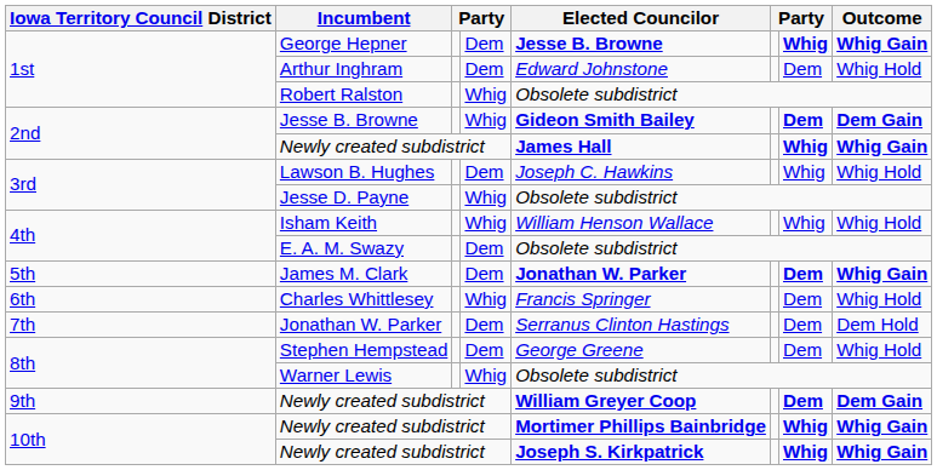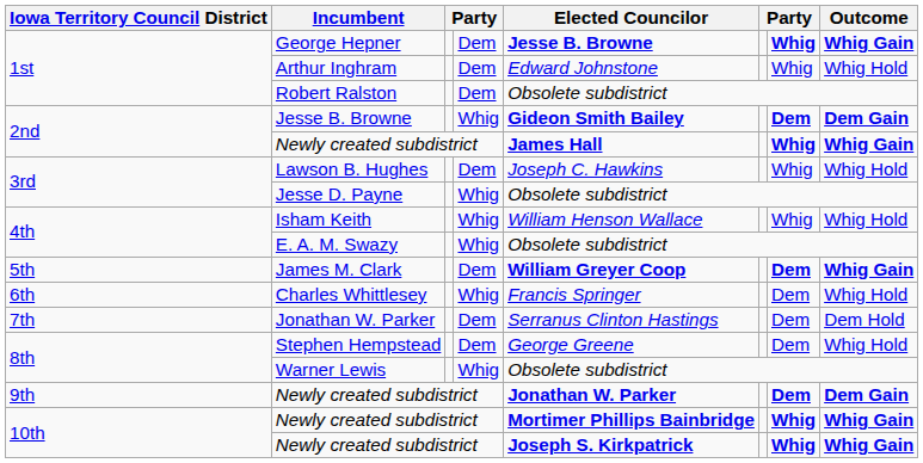 <table class="sortable wikitable" style="font-size:95%;line-height:14px;">
 <tr>
 <th class="sortable"><a href='#'>Iowa Territory Council</a> District</th>
 <th class="sortable"><a href='#'>Incumbent</a></th>
 <th colspan="2">Party</th>
 <th class="sortable">Elected Councilor</th>
 <th colspan="2">Party</th>
 <th class="sortable">Outcome</th>
 </tr>
 <tr>
 <td rowspan="3"><a href='#'>1st</a></td>
 <td><a href='#'>George Hepner</a></td>
 <td style="background:"></td>
 <td><a href='#'>Dem</a></td>
 <td><strong><a href='#'>Jesse B. Browne</a></strong></td>
 <td style="background:"></td>
 <td><strong><a href='#'>Whig</a></strong></td>
 <td><strong><a href='#'>Whig Gain</a></strong></td>
 </tr>
 <tr>
 <td><a href='#'>Arthur Inghram</a></td>
 <td style="background:"></td>
 <td><a href='#'>Dem</a></td>
 <td><em><a href='#'>Edward Johnstone</a></em></td>
 <td style="background:"></td>
-<td><a href='#'>Dem</a></td>
+<td><a href='#'>Whig</a></td>
 <td><a href='#'>Whig Hold</a></td>
 </tr>
 <tr>
 <td><a href='#'>Robert Ralston</a></td>
 <td style="background:"></td>
-<td><a href='#'>Whig</a></td>
+<td><a href='#'>Dem</a></td>
 <td colspan="4" ><em>Obsolete subdistrict</em></td>
 </tr>
 <tr>
 <td rowspan="2"><a href='#'>2nd</a></td>
 <td><a href='#'>Jesse B. Browne</a></td>
 <td style="background:"></td>
 <td><a href='#'>Whig</a></td>
 <td><strong><a href='#'>Gideon Smith Bailey</a></strong></td>
 <td style="background:"></td>
 <td><strong><a href='#'>Dem</a></strong></td>
 <td><strong><a href='#'>Dem Gain</a></strong></td>
 </tr>
 <tr>
 <td colspan="3" ><em>Newly created subdistrict</em></td>
 <td><strong><a href='#'>James Hall</a></strong></td>
 <td style="background:"></td>
 <td><strong><a href='#'>Whig</a></strong></td>
 <td><strong><a href='#'>Whig Gain</a></strong></td>
 </tr>
 <tr>
 <td rowspan="2"><a href='#'>3rd</a></td>
 <td><a href='#'>Lawson B. Hughes</a></td>
 <td style="background:"></td>
 <td><a href='#'>Dem</a></td>
 <td><em><a href='#'>Joseph C. Hawkins</a></em></td>
 <td style="background:"></td>
 <td><a href='#'>Whig</a></td>
 <td><a href='#'>Whig Hold</a></td>
 </tr>
 <tr>
 <td><a href='#'>Jesse D. Payne</a></td>
 <td style="background:"></td>
 <td><a href='#'>Whig</a></td>
 <td colspan="4" ><em>Obsolete subdistrict</em></td>
 </tr>
 <tr>
 <td rowspan="2"><a href='#'>4th</a></td>
 <td><a href='#'>Isham Keith</a></td>
 <td style="background:"></td>
 <td><a href='#'>Whig</a></td>
 <td><em><a href='#'>William Henson Wallace</a></em></td>
 <td style="background:"></td>
 <td><a href='#'>Whig</a></td>
 <td><a href='#'>Whig Hold</a></td>
 </tr>
 <tr>
 <td><a href='#'>E. A. M. Swazy</a></td>
 <td style="background:"></td>
-<td><a href='#'>Dem</a></td>
+<td><a href='#'>Whig</a></td>
 <td colspan="4" ><em>Obsolete subdistrict</em></td>
 </tr>
 <tr>
 <td><a href='#'>5th</a></td>
 <td><a href='#'>James M. Clark</a></td>
 <td style="background:"></td>
 <td><a href='#'>Dem</a></td>
-<td><strong><a href='#'>Jonathan W. Parker</a></strong></td>
+<td><strong><a href='#'>William Greyer Coop</a></strong></td>
 <td style="background:"></td>
 <td><strong><a href='#'>Dem</a></strong></td>
 <td><strong><a href='#'>Whig Gain</a></strong></td>
 </tr>
 <tr>
 <td><a href='#'>6th</a></td>
 <td><a href='#'>Charles Whittlesey</a></td>
 <td style="background:"></td>
 <td><a href='#'>Whig</a></td>
 <td><em><a href='#'>Francis Springer</a></em></td>
 <td style="background:"></td>
 <td><a href='#'>Dem</a></td>
 <td><a href='#'>Whig Hold</a></td>
 </tr>
 <tr>
 <td><a href='#'>7th</a></td>
 <td><a href='#'>Jonathan W. Parker</a></td>
 <td style="background:"></td>
 <td><a href='#'>Dem</a></td>
 <td><em><a href='#'>Serranus Clinton Hastings</a></em></td>
 <td style="background:"></td>
 <td><a href='#'>Dem</a></td>
 <td><a href='#'>Dem Hold</a></td>
 </tr>
 <tr>
 <td rowspan="2"><a href='#'>8th</a></td>
 <td><a href='#'>Stephen Hempstead</a></td>
 <td style="background:"></td>
 <td><a href='#'>Dem</a></td>
 <td><em><a href='#'>George Greene</a></em></td>
 <td style="background:"></td>
 <td><a href='#'>Dem</a></td>
 <td><a href='#'>Whig Hold</a></td>
 </tr>
 <tr>
 <td><a href='#'>Warner Lewis</a></td>
 <td style="background:"></td>
 <td><a href='#'>Whig</a></td>
 <td colspan="4" ><em>Obsolete subdistrict</em></td>
 </tr>
 <tr>
 <td><a href='#'>9th</a></td>
 <td colspan="3" ><em>Newly created subdistrict</em></td>
-<td><strong><a href='#'>William Greyer Coop</a></strong></td>
+<td><strong><a href='#'>Jonathan W. Parker</a></strong></td>
 <td style="background:"></td>
 <td><strong><a href='#'>Dem</a></strong></td>
 <td><strong><a href='#'>Dem Gain</a></strong></td>
 </tr>
 <tr>
 <td rowspan="2"><a href='#'>10th</a></td>
 <td colspan="3" ><em>Newly created subdistrict</em></td>
 <td><strong><a href='#'>Mortimer Phillips Bainbridge</a></strong></td>
 <td style="background:"></td>
 <td><strong><a href='#'>Whig</a></strong></td>
 <td><strong><a href='#'>Whig Gain</a></strong></td>
 </tr>
 <tr>
 <td colspan="3" ><em>Newly created subdistrict</em></td>
 <td><strong><a href='#'>Joseph S. Kirkpatrick</a></strong></td>
 <td style="background:"></td>
 <td><strong><a href='#'>Whig</a></strong></td>
 <td><strong><a href='#'>Whig Gain</a></strong></td>
 </tr>
 <tr>
 </tr>
 </table>
